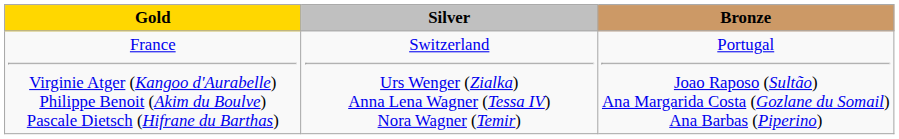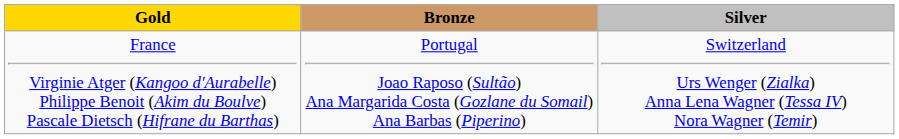 <table class="wikitable">
 <tr>
 <th width=275 style="background:gold">Gold</th>
+<th width=275 style="background:#cc9966">Bronze</th>
 <th width=275 style="background:silver">Silver</th>
-<th width=275 style="background:#cc9966">Bronze</th>
 </tr>
 <tr>
 <td align="center"> <a href='#'>France</a><hr><a href='#'>Virginie Atger</a> (<em><a href='#'>Kangoo d'Aurabelle</a></em>)<br><a href='#'>Philippe Benoit</a> (<em><a href='#'>Akim du Boulve</a></em>)<br><a href='#'>Pascale Dietsch</a> (<em><a href='#'>Hifrane du Barthas</a></em>)</td>
+<td align="center"> <a href='#'>Portugal</a><hr><a href='#'>Joao Raposo</a> (<em><a href='#'>Sultão</a></em>)<br><a href='#'>Ana Margarida Costa</a> (<em><a href='#'>Gozlane du Somail</a></em>)<br><a href='#'>Ana Barbas</a> (<em><a href='#'>Piperino</a></em>)</td>
 <td align="center"> <a href='#'>Switzerland</a><hr><a href='#'>Urs Wenger</a> (<em><a href='#'>Zialka</a></em>)<br><a href='#'>Anna Lena Wagner</a> (<em><a href='#'>Tessa IV</a></em>)<br><a href='#'>Nora Wagner</a> (<em><a href='#'>Temir</a></em>)</td>
-<td align="center"> <a href='#'>Portugal</a><hr><a href='#'>Joao Raposo</a> (<em><a href='#'>Sultão</a></em>)<br><a href='#'>Ana Margarida Costa</a> (<em><a href='#'>Gozlane du Somail</a></em>)<br><a href='#'>Ana Barbas</a> (<em><a href='#'>Piperino</a></em>)</td>
 </tr>
 </table>
